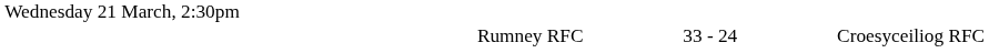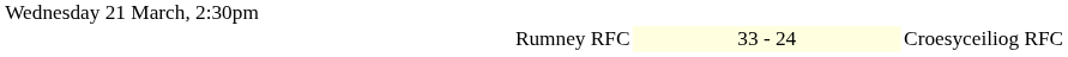 <table style="width:70%;" cellspacing="1">
 <tr>
 <th width=35%></th>
 <th width=15%></th>
 <th></th>
 </tr>
 <tr>
 <td>Wednesday 21 March, 2:30pm</td>
 </tr>
 <tr>
 <td align=right>Rumney RFC</td>
-<td align=center>33 - 24</td>
+<td align=center style="background: lightyellow;">33 - 24</td>
 <td>Croesyceiliog RFC</td>
 </tr>
 </table>
